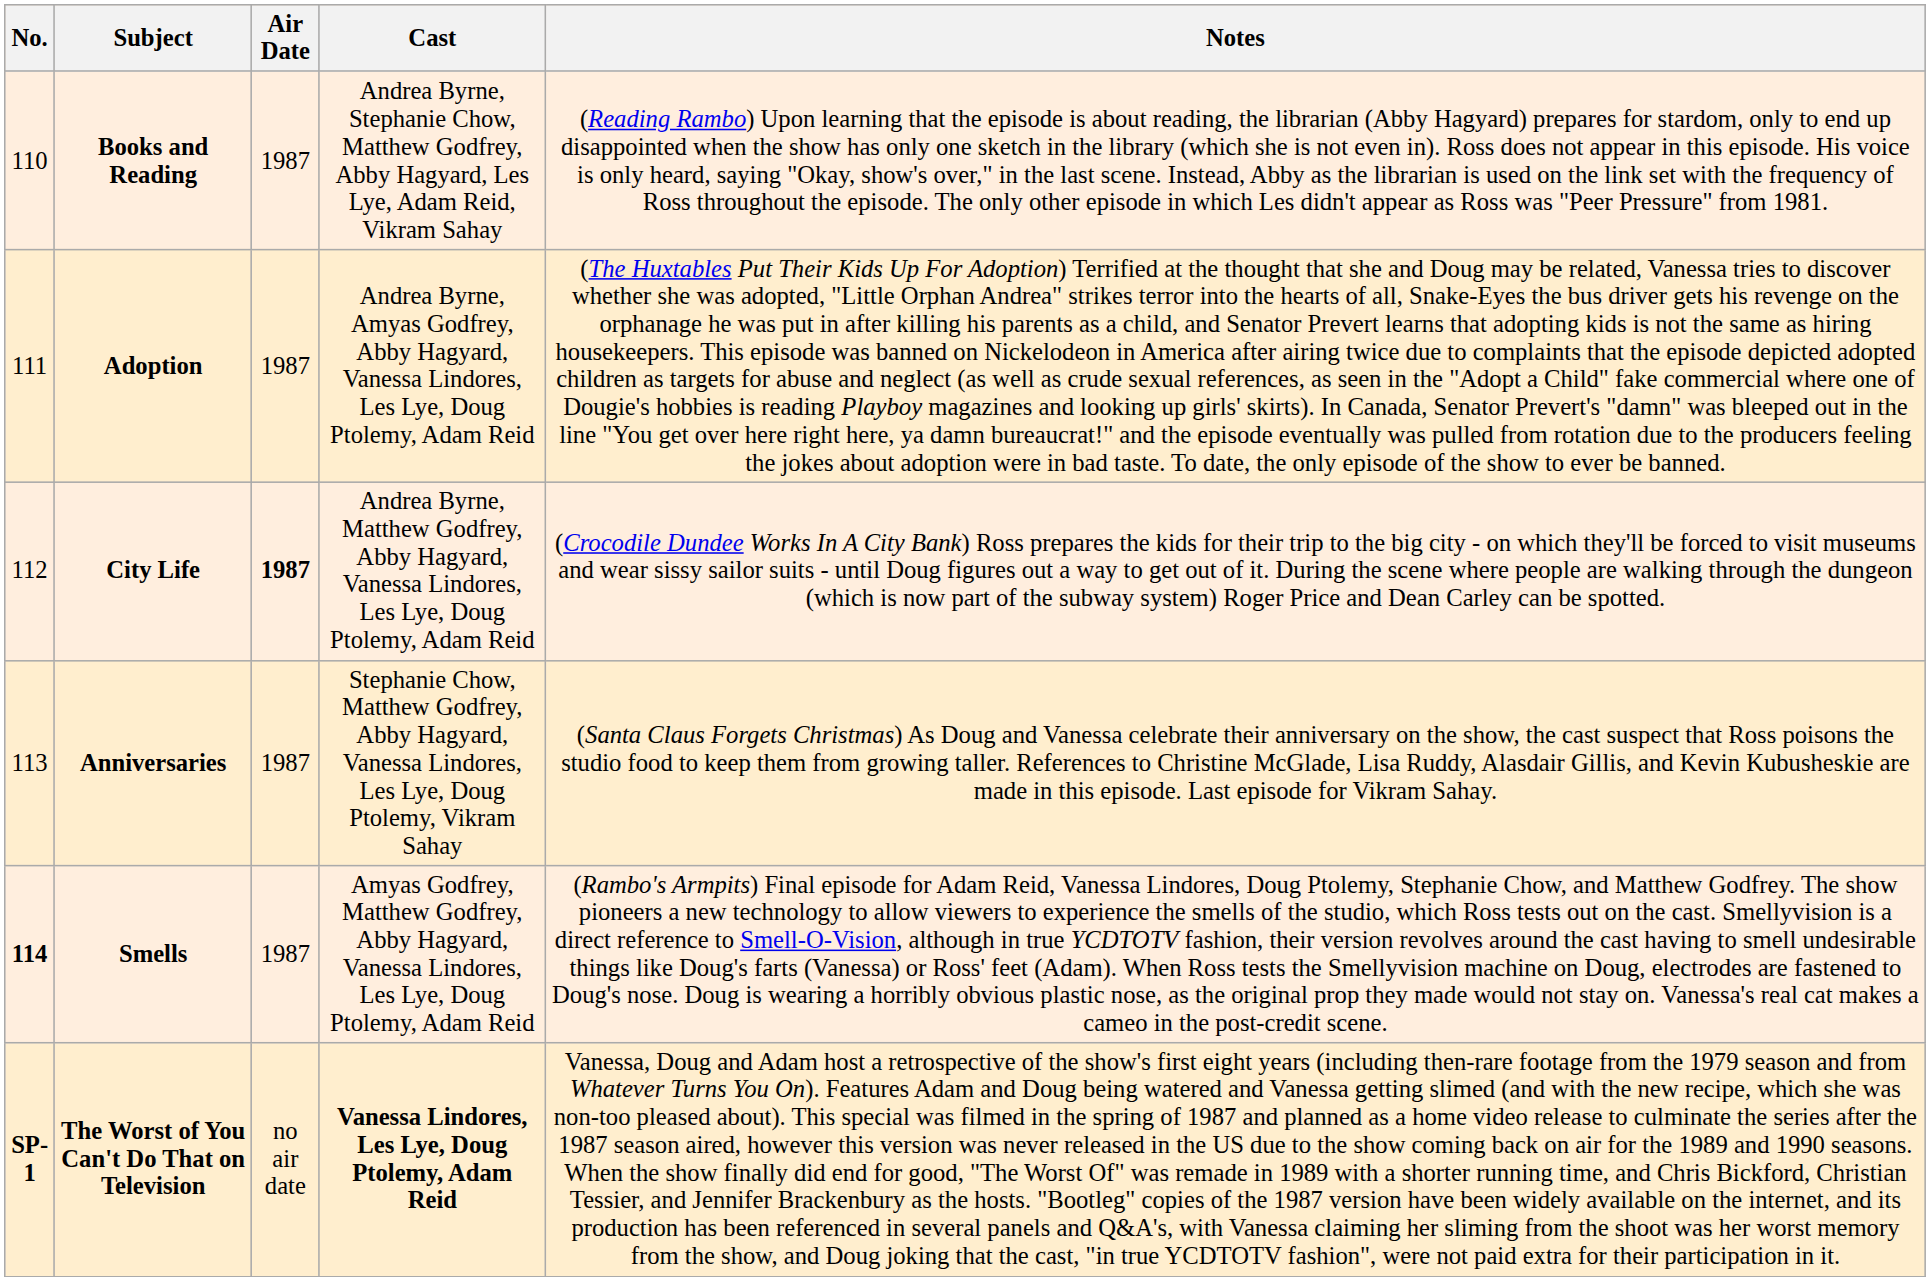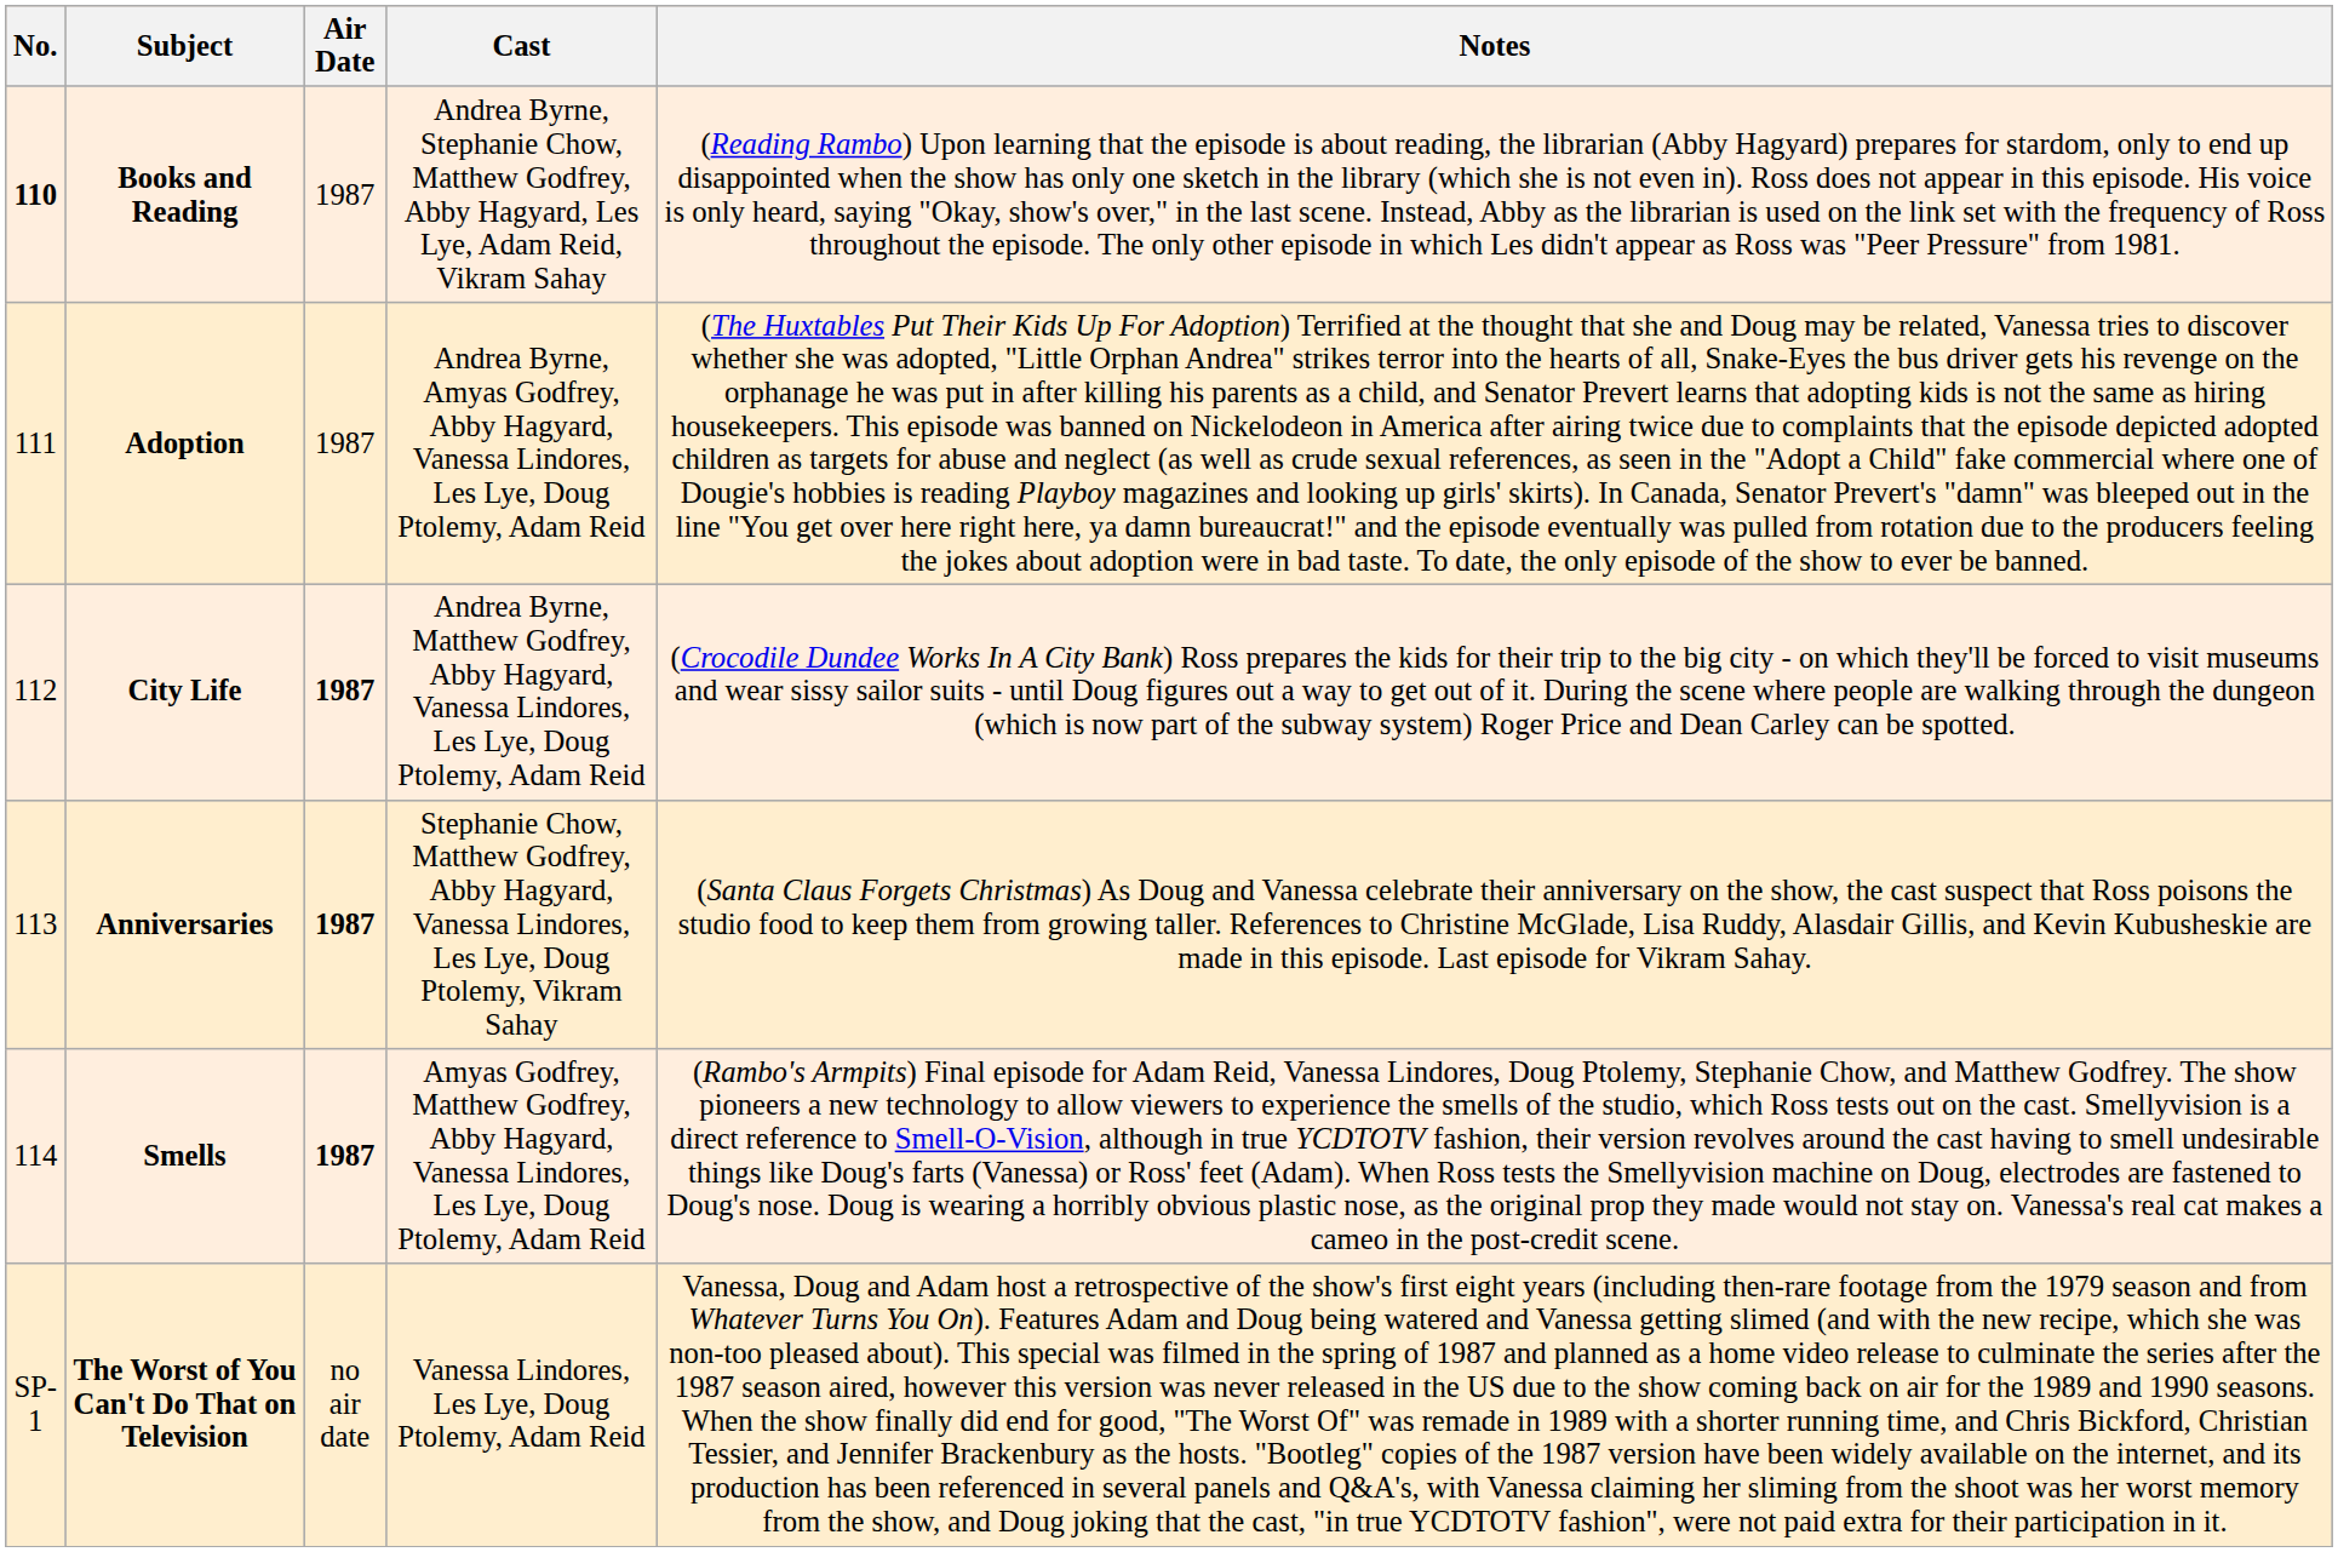 <table class="wikitable" style="text-align:center; background:#FFEEDE">
 <tr>
 <th>No.</th>
 <th>Subject</th>
 <th>Air Date</th>
 <th>Cast</th>
 <th>Notes</th>
 </tr>
 <tr>
-<td>110</td>
+<td><strong>110</strong></td>
 <td><strong>Books and Reading</strong></td>
 <td>1987</td>
 <td>Andrea Byrne, Stephanie Chow, Matthew Godfrey, Abby Hagyard, Les Lye, Adam Reid, Vikram Sahay</td>
 <td>(<em><a href='#'>Reading Rambo</a></em>) Upon learning that the episode is about reading, the librarian (Abby Hagyard) prepares for stardom, only to end up disappointed when the show has only one sketch in the library (which she is not even in). Ross does not appear in this episode. His voice is only heard, saying "Okay, show's over," in the last scene. Instead, Abby as the librarian is used on the link set with the frequency of Ross throughout the episode. The only other episode in which Les didn't appear as Ross was "Peer Pressure" from 1981.</td>
 </tr>
 <tr bgcolor="FFEECE">
 <td>111</td>
 <td><strong>Adoption</strong></td>
 <td>1987</td>
 <td>Andrea Byrne, Amyas Godfrey, Abby Hagyard, Vanessa Lindores, Les Lye, Doug Ptolemy, Adam Reid</td>
 <td>(<em><a href='#'>The Huxtables</a> Put Their Kids Up For Adoption</em>) Terrified at the thought that she and Doug may be related, Vanessa tries to discover whether she was adopted, "Little Orphan Andrea" strikes terror into the hearts of all, Snake-Eyes the bus driver gets his revenge on the orphanage he was put in after killing his parents as a child, and Senator Prevert learns that adopting kids is not the same as hiring housekeepers. This episode was banned on Nickelodeon in America after airing twice due to complaints that the episode depicted adopted children as targets for abuse and neglect (as well as crude sexual references, as seen in the "Adopt a Child" fake commercial where one of Dougie's hobbies is reading <em>Playboy</em> magazines and looking up girls' skirts). In Canada, Senator Prevert's "damn" was bleeped out in the line "You get over here right here, ya damn bureaucrat!" and the episode eventually was pulled from rotation due to the producers feeling the jokes about adoption were in bad taste. To date, the only episode of the show to ever be banned.</td>
 </tr>
 <tr>
 <td>112</td>
 <td><strong>City Life</strong></td>
 <td><strong>1987</strong></td>
 <td>Andrea Byrne, Matthew Godfrey, Abby Hagyard, Vanessa Lindores, Les Lye, Doug Ptolemy, Adam Reid</td>
 <td>(<em><a href='#'>Crocodile Dundee</a> Works In A City Bank</em>) Ross prepares the kids for their trip to the big city - on which they'll be forced to visit museums and wear sissy sailor suits - until Doug figures out a way to get out of it. During the scene where people are walking through the dungeon (which is now part of the subway system) Roger Price and Dean Carley can be spotted.</td>
 </tr>
 <tr bgcolor="FFEECE">
 <td>113</td>
 <td><strong>Anniversaries</strong></td>
-<td>1987</td>
+<td><strong>1987</strong></td>
 <td>Stephanie Chow, Matthew Godfrey, Abby Hagyard, Vanessa Lindores, Les Lye, Doug Ptolemy, Vikram Sahay</td>
 <td>(<em>Santa Claus Forgets Christmas</em>) As Doug and Vanessa celebrate their anniversary on the show, the cast suspect that Ross poisons the studio food to keep them from growing taller. References to Christine McGlade, Lisa Ruddy, Alasdair Gillis, and Kevin Kubusheskie are made in this episode. Last episode for Vikram Sahay.</td>
 </tr>
 <tr>
-<td><strong>114</strong></td>
+<td>114</td>
 <td><strong>Smells</strong></td>
-<td>1987</td>
+<td><strong>1987</strong></td>
 <td>Amyas Godfrey, Matthew Godfrey, Abby Hagyard, Vanessa Lindores, Les Lye, Doug Ptolemy, Adam Reid</td>
 <td>(<em>Rambo's Armpits</em>) Final episode for Adam Reid, Vanessa Lindores, Doug Ptolemy, Stephanie Chow, and Matthew Godfrey.  The show pioneers a new technology to allow viewers to experience the smells of the studio, which Ross tests out on the cast. Smellyvision is a direct reference to <a href='#'>Smell-O-Vision</a>, although in true <em>YCDTOTV</em> fashion, their version revolves around the cast having to smell undesirable things like Doug's farts (Vanessa) or Ross' feet (Adam). When Ross tests the Smellyvision machine on Doug, electrodes are fastened to Doug's nose. Doug is wearing a horribly obvious plastic nose, as the original prop they made would not stay on.  Vanessa's real cat makes a cameo in the post-credit scene.</td>
 </tr>
 <tr bgcolor="FFEECE">
-<td><strong>SP-1</strong></td>
+<td>SP-1</td>
 <td><strong>The Worst of You Can't Do That on Television</strong></td>
 <td>no air date</td>
-<td><strong>Vanessa Lindores, Les Lye, Doug Ptolemy, Adam Reid</strong></td>
+<td>Vanessa Lindores, Les Lye, Doug Ptolemy, Adam Reid</td>
 <td>Vanessa, Doug and Adam host a retrospective of the show's first eight years (including then-rare footage from the 1979 season and from <em>Whatever Turns You On</em>). Features Adam and Doug being watered and Vanessa getting slimed (and with the new recipe, which she was non-too pleased about). This special was filmed in the spring of 1987 and planned as a home video release to culminate the series after the 1987 season aired, however this version was never released in the US due to the show coming back on air for the 1989 and 1990 seasons. When the show finally did end for good, "The Worst Of" was remade in 1989 with a shorter running time, and Chris Bickford, Christian Tessier, and Jennifer Brackenbury as the hosts. "Bootleg" copies of the 1987 version have been widely available on the internet, and its production has been referenced in several panels and Q&A's, with Vanessa claiming her sliming from the shoot was her worst memory from the show, and Doug joking that the cast, "in true YCDTOTV fashion", were not paid extra for their participation in it.</td>
 </tr>
 <tr>
 </tr>
 </table>
